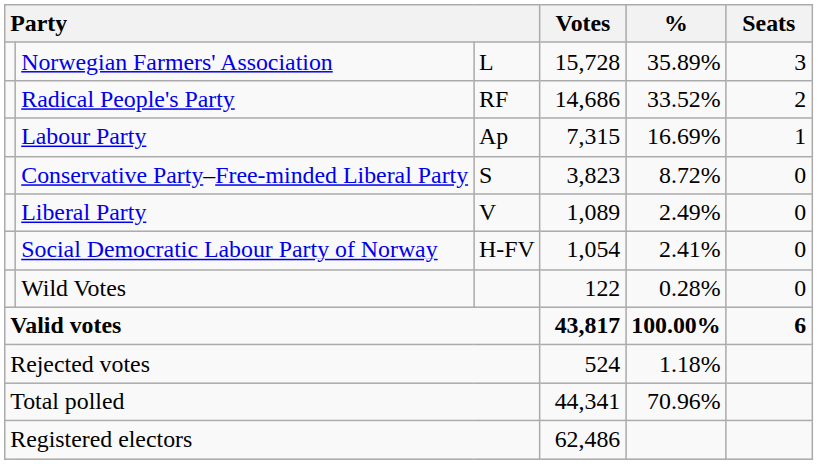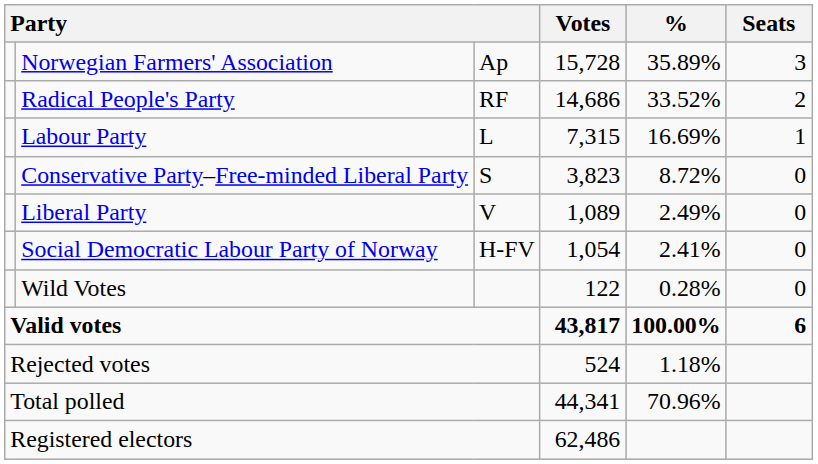 <table class="wikitable" border="1" style="text-align:right;">
 <tr>
 <th style="text-align:left;" colspan=3>Party</th>
 <th align=center width="50">Votes</th>
 <th align=center width="50">%</th>
 <th align=center width="50">Seats</th>
 </tr>
 <tr>
 <td style="color:inherit;background:"></td>
 <td align=left><a href='#'>Norwegian Farmers' Association</a></td>
-<td align=left>L</td>
+<td align=left>Ap</td>
 <td>15,728</td>
 <td>35.89%</td>
 <td>3</td>
 </tr>
 <tr>
 <td></td>
 <td align=left><a href='#'>Radical People's Party</a></td>
 <td align=left>RF</td>
 <td>14,686</td>
 <td>33.52%</td>
 <td>2</td>
 </tr>
 <tr>
 <td style="color:inherit;background:"></td>
 <td align=left><a href='#'>Labour Party</a></td>
-<td align=left>Ap</td>
+<td align=left>L</td>
 <td>7,315</td>
 <td>16.69%</td>
 <td>1</td>
 </tr>
 <tr>
 <td></td>
 <td align=left><a href='#'>Conservative Party</a>–<a href='#'>Free-minded Liberal Party</a></td>
 <td align=left>S</td>
 <td>3,823</td>
 <td>8.72%</td>
 <td>0</td>
 </tr>
 <tr>
 <td style="color:inherit;background:"></td>
 <td align=left><a href='#'>Liberal Party</a></td>
 <td align=left>V</td>
 <td>1,089</td>
 <td>2.49%</td>
 <td>0</td>
 </tr>
 <tr>
 <td style="color:inherit;background:"></td>
 <td align=left><a href='#'>Social Democratic Labour Party of Norway</a></td>
 <td align=left>H-FV</td>
 <td>1,054</td>
 <td>2.41%</td>
 <td>0</td>
 </tr>
 <tr>
 <td></td>
 <td align=left>Wild Votes</td>
 <td align=left></td>
 <td>122</td>
 <td>0.28%</td>
 <td>0</td>
 </tr>
 <tr style="font-weight:bold">
 <td align=left colspan=3>Valid votes</td>
 <td>43,817</td>
 <td>100.00%</td>
 <td>6</td>
 </tr>
 <tr>
 <td align=left colspan=3>Rejected votes</td>
 <td>524</td>
 <td>1.18%</td>
 <td></td>
 </tr>
 <tr>
 <td align=left colspan=3>Total polled</td>
 <td>44,341</td>
 <td>70.96%</td>
 <td></td>
 </tr>
 <tr>
 <td align=left colspan=3>Registered electors</td>
 <td>62,486</td>
 <td></td>
 <td></td>
 </tr>
 </table>
